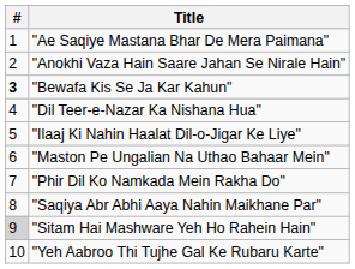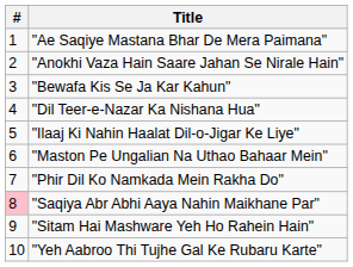 <table class="wikitable" style="font-size:95%;">
 <tr>
 <th>#</th>
 <th>Title</th>
 </tr>
 <tr>
 <td>1</td>
 <td>"Ae Saqiye Mastana Bhar De Mera Paimana"</td>
 </tr>
 <tr>
 <td>2</td>
 <td>"Anokhi Vaza Hain Saare Jahan Se Nirale Hain"</td>
 </tr>
 <tr>
-<td><strong>3</strong></td>
+<td>3</td>
 <td>"Bewafa Kis Se Ja Kar Kahun"</td>
 </tr>
 <tr>
 <td>4</td>
 <td>"Dil Teer-e-Nazar Ka Nishana Hua"</td>
 </tr>
 <tr>
 <td>5</td>
 <td>"Ilaaj Ki Nahin Haalat Dil-o-Jigar Ke Liye"</td>
 </tr>
 <tr>
 <td>6</td>
 <td>"Maston Pe Ungalian Na Uthao Bahaar Mein"</td>
 </tr>
 <tr>
 <td>7</td>
 <td>"Phir Dil Ko Namkada Mein Rakha Do"</td>
 </tr>
 <tr>
-<td>8</td>
+<td style="background: pink;">8</td>
 <td>"Saqiya Abr Abhi Aaya Nahin Maikhane Par"</td>
 </tr>
 <tr>
-<td style="background: lightgrey;">9</td>
+<td>9</td>
 <td>"Sitam Hai Mashware Yeh Ho Rahein Hain"</td>
 </tr>
 <tr>
 <td>10</td>
 <td>"Yeh Aabroo Thi Tujhe Gal Ke Rubaru Karte"</td>
 </tr>
 </table>
